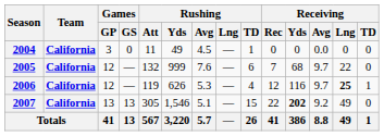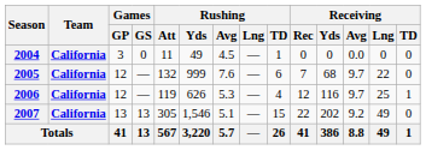 <table class="wikitable" style="text-align:center;">
 <tr>
 <th rowspan="2">Season</th>
 <th rowspan="2">Team</th>
 <th colspan="2">Games</th>
 <th colspan="5">Rushing</th>
 <th colspan="5">Receiving</th>
 </tr>
 <tr>
 <th>GP</th>
 <th>GS</th>
 <th>Att</th>
 <th>Yds</th>
 <th>Avg</th>
 <th>Lng</th>
 <th>TD</th>
 <th>Rec</th>
 <th>Yds</th>
 <th>Avg</th>
 <th>Lng</th>
 <th>TD</th>
 </tr>
 <tr>
 <th><a href='#'>2004</a></th>
 <th><a href='#'>California</a></th>
 <td>3</td>
 <td>0</td>
 <td>11</td>
 <td>49</td>
 <td>4.5</td>
 <td>—</td>
 <td>1</td>
 <td>0</td>
 <td>0</td>
 <td>0.0</td>
 <td>0</td>
 <td>0</td>
 </tr>
 <tr>
 <th><a href='#'>2005</a></th>
 <th><a href='#'>California</a></th>
 <td>12</td>
 <td>—</td>
 <td>132</td>
 <td>999</td>
 <td>7.6</td>
 <td>—</td>
 <td>6</td>
 <td>7</td>
 <td>68</td>
 <td>9.7</td>
 <td>22</td>
 <td>0</td>
 </tr>
 <tr>
 <th><a href='#'>2006</a></th>
 <th><a href='#'>California</a></th>
 <td>12</td>
 <td>—</td>
 <td>119</td>
 <td>626</td>
 <td>5.3</td>
 <td>—</td>
 <td>4</td>
 <td>12</td>
 <td>116</td>
 <td>9.7</td>
-<td><strong>25</strong></td>
+<td>25</td>
 <td>1</td>
 </tr>
 <tr>
 <th><a href='#'>2007</a></th>
 <th><a href='#'>California</a></th>
 <td>13</td>
 <td>13</td>
 <td>305</td>
 <td>1,546</td>
 <td>5.1</td>
 <td>—</td>
 <td>15</td>
 <td>22</td>
-<td><strong>202</strong></td>
+<td>202</td>
 <td>9.2</td>
 <td>49</td>
 <td>0</td>
 </tr>
 <tr>
 <th colspan="2">Totals</th>
 <th>41</th>
 <th>13</th>
 <th>567</th>
 <th>3,220</th>
 <th>5.7</th>
 <th>—</th>
 <th>26</th>
 <th>41</th>
 <th>386</th>
 <th>8.8</th>
 <th>49</th>
 <th>1</th>
 </tr>
 </table>
